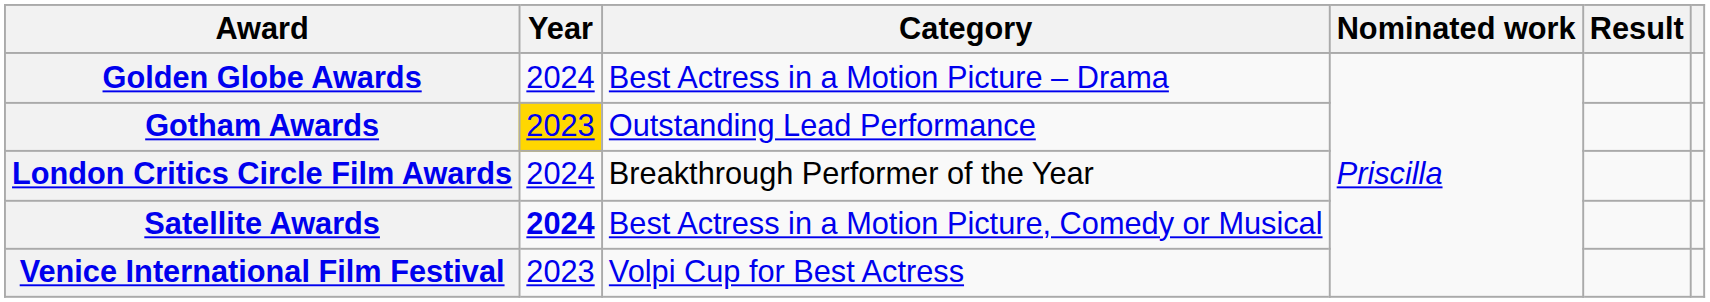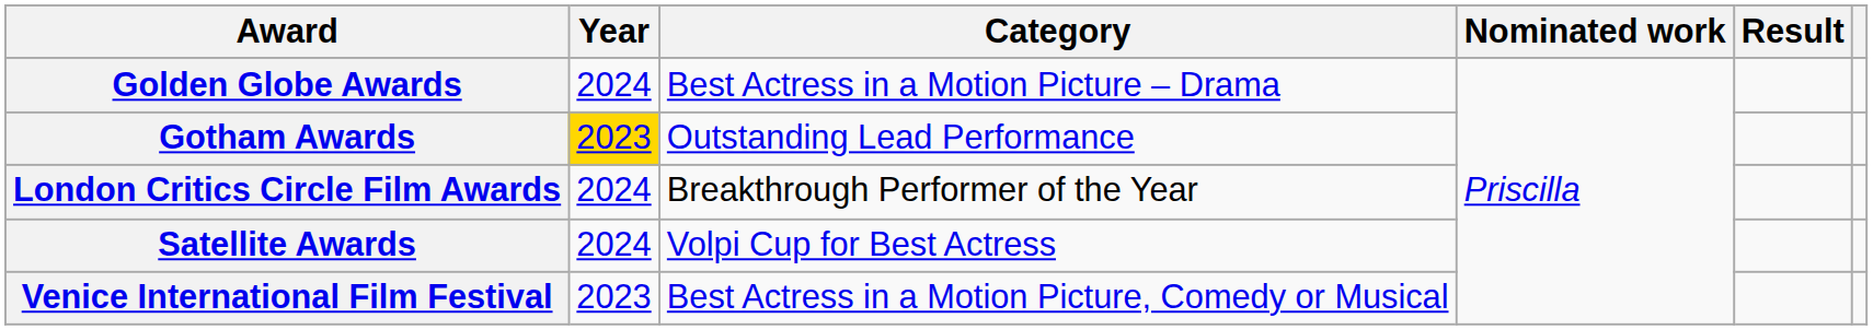 <table class="wikitable sortable plainrowheaders">
 <tr>
 <th scope="col">Award</th>
 <th scope="col">Year</th>
 <th scope="col">Category</th>
 <th scope="col">Nominated work</th>
 <th scope="col">Result</th>
 <th scope="col" class="unsortable"></th>
 </tr>
 <tr>
 <th scope="row"><a href='#'>Golden Globe Awards</a></th>
 <td><a href='#'>2024</a></td>
 <td><a href='#'>Best Actress in a Motion Picture – Drama</a></td>
 <td rowspan="5"><em><a href='#'>Priscilla</a></em></td>
 <td></td>
 <td></td>
 </tr>
 <tr>
 <th scope="row"><a href='#'>Gotham Awards</a></th>
 <td style="background: gold;"><a href='#'>2023</a></td>
 <td><a href='#'>Outstanding Lead Performance</a></td>
 <td></td>
 <td></td>
 </tr>
 <tr>
 <th scope="row"><a href='#'>London Critics Circle Film Awards</a></th>
 <td><a href='#'>2024</a></td>
 <td>Breakthrough Performer of the Year</td>
 <td></td>
 <td></td>
 </tr>
 <tr>
 <th scope="row"><a href='#'>Satellite Awards</a></th>
-<td><strong><a href='#'>2024</a></strong></td>
-<td><a href='#'>Best Actress in a Motion Picture, Comedy or Musical</a></td>
+<td><a href='#'>2024</a></td>
+<td><a href='#'>Volpi Cup for Best Actress</a></td>
 <td></td>
 <td></td>
 </tr>
 <tr>
 <th scope="row"><a href='#'>Venice International Film Festival</a></th>
 <td><a href='#'>2023</a></td>
-<td><a href='#'>Volpi Cup for Best Actress</a></td>
+<td><a href='#'>Best Actress in a Motion Picture, Comedy or Musical</a></td>
 <td></td>
 <td></td>
 </tr>
 </table>
